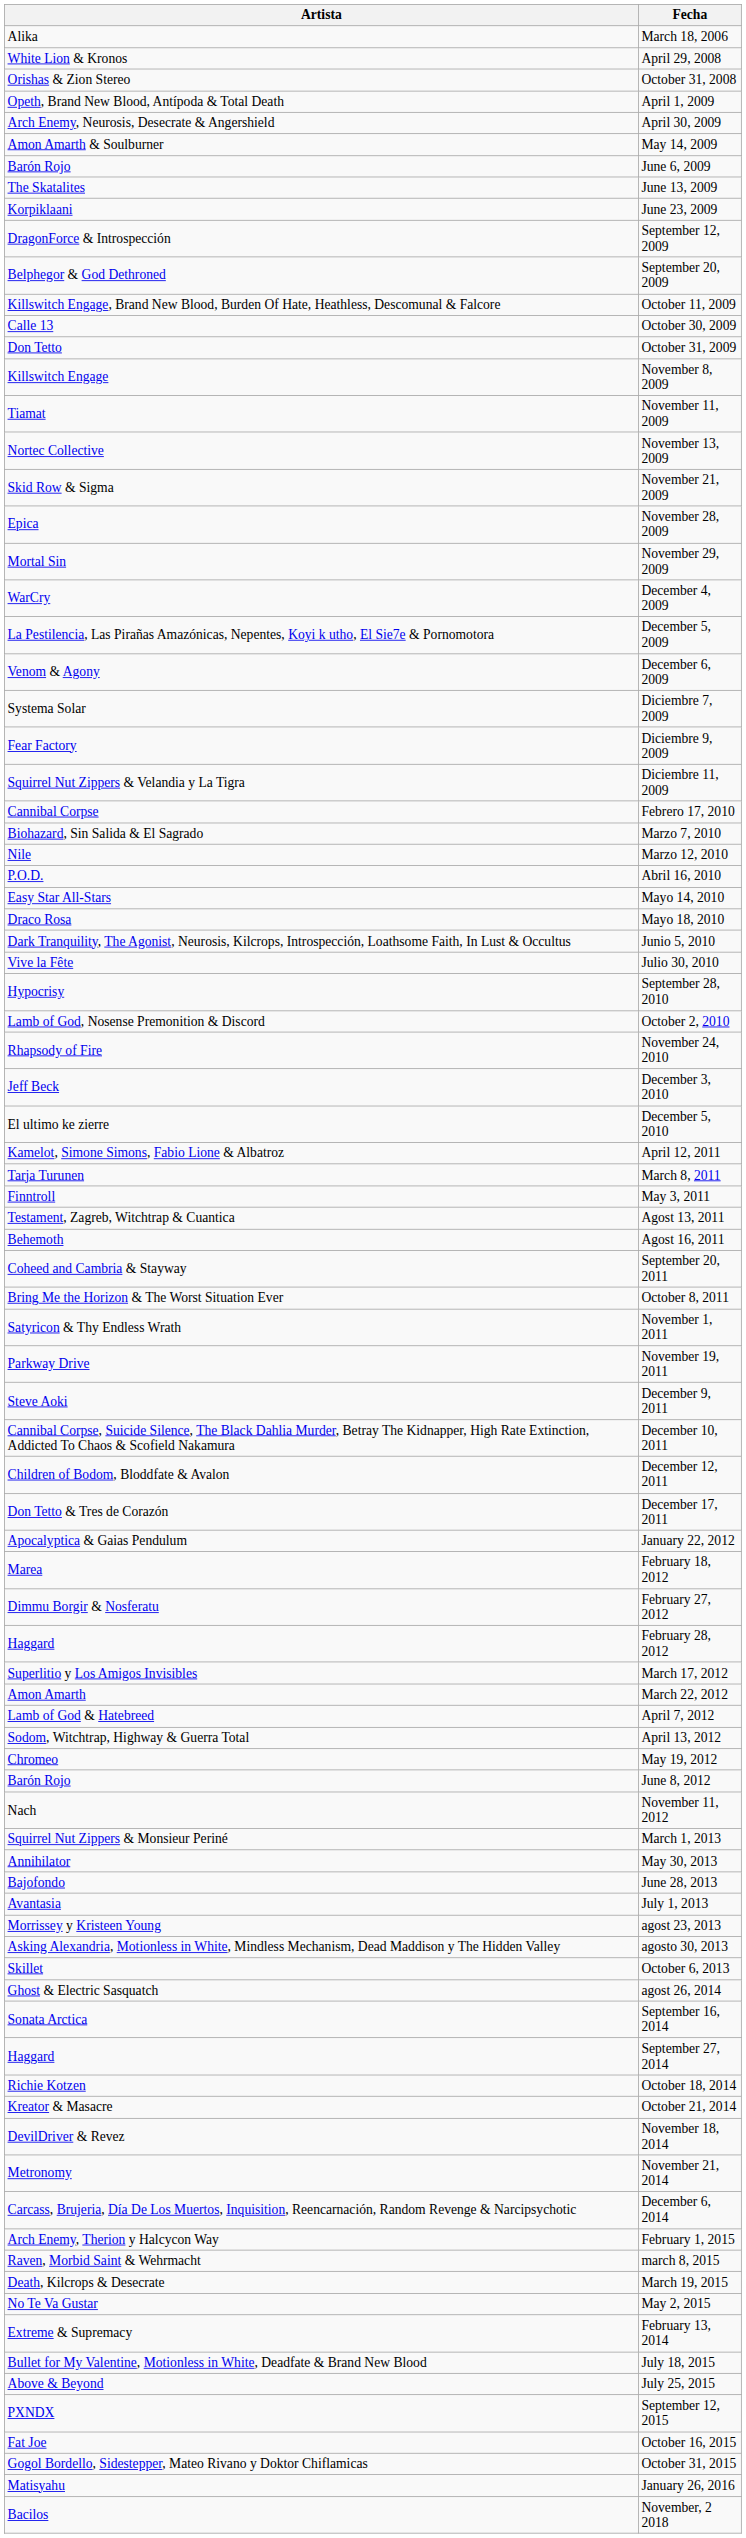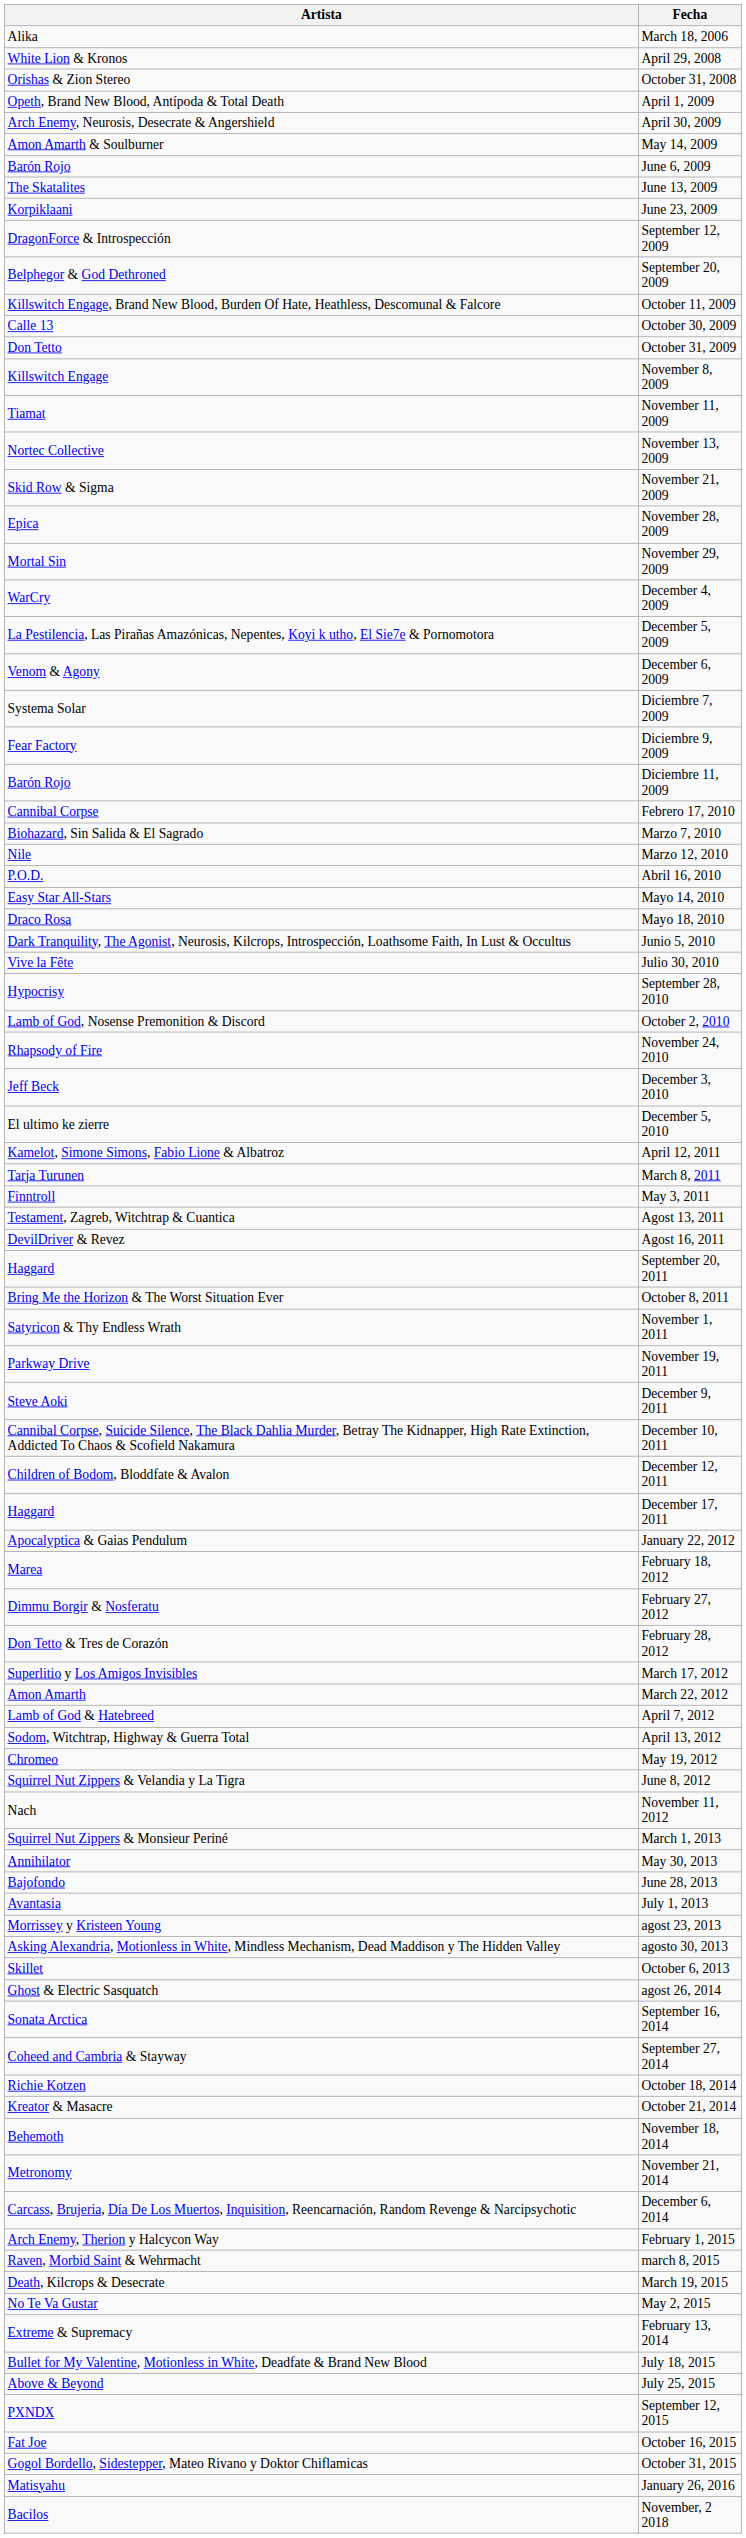 <table class="wikitable">
 <tr>
 <th>Artista</th>
 <th>Fecha</th>
 </tr>
 <tr>
 <td>Alika</td>
 <td>March 18, 2006</td>
 </tr>
 <tr>
 <td><a href='#'>White Lion</a> & Kronos</td>
 <td>April 29, 2008</td>
 </tr>
 <tr>
 <td><a href='#'>Orishas</a> & Zion Stereo</td>
 <td>October 31, 2008</td>
 </tr>
 <tr>
 <td><a href='#'>Opeth</a>, Brand New Blood, Antípoda & Total Death</td>
 <td>April 1, 2009</td>
 </tr>
 <tr>
 <td><a href='#'>Arch Enemy</a>, Neurosis, Desecrate & Angershield</td>
 <td>April 30, 2009</td>
 </tr>
 <tr>
 <td><a href='#'>Amon Amarth</a> & Soulburner</td>
 <td>May 14, 2009</td>
 </tr>
 <tr>
 <td><a href='#'>Barón Rojo</a></td>
 <td>June 6, 2009</td>
 </tr>
 <tr>
 <td><a href='#'>The Skatalites</a></td>
 <td>June 13, 2009</td>
 </tr>
 <tr>
 <td><a href='#'>Korpiklaani</a></td>
 <td>June 23, 2009</td>
 </tr>
 <tr>
 <td><a href='#'>DragonForce</a> & Introspección</td>
 <td>September 12, 2009</td>
 </tr>
 <tr>
 <td><a href='#'>Belphegor</a> & <a href='#'>God Dethroned</a></td>
 <td>September 20, 2009</td>
 </tr>
 <tr>
 <td><a href='#'>Killswitch Engage</a>, Brand New Blood, Burden Of Hate, Heathless, Descomunal & Falcore</td>
 <td>October 11, 2009</td>
 </tr>
 <tr>
 <td><a href='#'>Calle 13</a></td>
 <td>October 30, 2009</td>
 </tr>
 <tr>
 <td><a href='#'>Don Tetto</a></td>
 <td>October 31, 2009</td>
 </tr>
 <tr>
 <td><a href='#'>Killswitch Engage</a></td>
 <td>November 8, 2009</td>
 </tr>
 <tr>
 <td><a href='#'>Tiamat</a></td>
 <td>November 11, 2009</td>
 </tr>
 <tr>
 <td><a href='#'>Nortec Collective</a></td>
 <td>November 13, 2009</td>
 </tr>
 <tr>
 <td><a href='#'>Skid Row</a> & Sigma</td>
 <td>November 21, 2009</td>
 </tr>
 <tr>
 <td><a href='#'>Epica</a></td>
 <td>November 28, 2009</td>
 </tr>
 <tr>
 <td><a href='#'>Mortal Sin</a></td>
 <td>November 29, 2009</td>
 </tr>
 <tr>
 <td><a href='#'>WarCry</a></td>
 <td>December 4, 2009</td>
 </tr>
 <tr>
 <td><a href='#'>La Pestilencia</a>, Las Pirañas Amazónicas, Nepentes, <a href='#'>Koyi k utho</a>, <a href='#'>El Sie7e</a> & Pornomotora</td>
 <td>December 5, 2009</td>
 </tr>
 <tr>
 <td><a href='#'>Venom</a> & <a href='#'>Agony</a></td>
 <td>December 6, 2009</td>
 </tr>
 <tr>
 <td>Systema Solar</td>
 <td>Diciembre 7, 2009</td>
 </tr>
 <tr>
 <td><a href='#'>Fear Factory</a></td>
 <td>Diciembre 9, 2009</td>
 </tr>
 <tr>
-<td><a href='#'>Squirrel Nut Zippers</a> & Velandia y La Tigra</td>
+<td><a href='#'>Barón Rojo</a></td>
 <td>Diciembre 11, 2009</td>
 </tr>
 <tr>
 <td><a href='#'>Cannibal Corpse</a></td>
 <td>Febrero 17, 2010</td>
 </tr>
 <tr>
 <td><a href='#'>Biohazard</a>, Sin Salida & El Sagrado</td>
 <td>Marzo 7, 2010</td>
 </tr>
 <tr>
 <td><a href='#'>Nile</a></td>
 <td>Marzo 12, 2010</td>
 </tr>
 <tr>
 <td><a href='#'>P.O.D.</a></td>
 <td>Abril 16, 2010</td>
 </tr>
 <tr>
 <td><a href='#'>Easy Star All-Stars</a></td>
 <td>Mayo 14, 2010</td>
 </tr>
 <tr>
 <td><a href='#'>Draco Rosa</a></td>
 <td>Mayo 18, 2010</td>
 </tr>
 <tr>
 <td><a href='#'>Dark Tranquility</a>, <a href='#'>The Agonist</a>, Neurosis, Kilcrops, Introspección, Loathsome Faith, In Lust & Occultus</td>
 <td>Junio 5, 2010</td>
 </tr>
 <tr>
 <td><a href='#'>Vive la Fête</a></td>
 <td>Julio 30, 2010</td>
 </tr>
 <tr>
 <td><a href='#'>Hypocrisy</a></td>
 <td>September 28, 2010</td>
 </tr>
 <tr>
 <td><a href='#'>Lamb of God</a>, Nosense Premonition & Discord</td>
 <td>October 2, <a href='#'>2010</a></td>
 </tr>
 <tr>
 <td><a href='#'>Rhapsody of Fire</a></td>
 <td>November 24, 2010</td>
 </tr>
 <tr>
 <td><a href='#'>Jeff Beck</a></td>
 <td>December 3, 2010</td>
 </tr>
 <tr>
 <td>El ultimo ke zierre</td>
 <td>December 5, 2010</td>
 </tr>
 <tr>
 <td><a href='#'>Kamelot</a>, <a href='#'>Simone Simons</a>, <a href='#'>Fabio Lione</a> & Albatroz</td>
 <td>April 12, 2011</td>
 </tr>
 <tr>
 <td><a href='#'>Tarja Turunen</a></td>
 <td>March 8, <a href='#'>2011</a></td>
 </tr>
 <tr>
 <td><a href='#'>Finntroll</a></td>
 <td>May 3, 2011</td>
 </tr>
 <tr>
 <td><a href='#'>Testament</a>, Zagreb, Witchtrap & Cuantica</td>
 <td>Agost 13, 2011</td>
 </tr>
 <tr>
-<td><a href='#'>Behemoth</a></td>
+<td><a href='#'>DevilDriver</a> & Revez</td>
 <td>Agost 16, 2011</td>
 </tr>
 <tr>
-<td><a href='#'>Coheed and Cambria</a> & Stayway</td>
+<td><a href='#'>Haggard</a></td>
 <td>September 20, 2011</td>
 </tr>
 <tr>
 <td><a href='#'>Bring Me the Horizon</a> & The Worst Situation Ever</td>
 <td>October 8, 2011</td>
 </tr>
 <tr>
 <td><a href='#'>Satyricon</a> & Thy Endless Wrath</td>
 <td>November 1, 2011</td>
 </tr>
 <tr>
 <td><a href='#'>Parkway Drive</a></td>
 <td>November 19, 2011</td>
 </tr>
 <tr>
 <td><a href='#'>Steve Aoki</a></td>
 <td>December 9, 2011</td>
 </tr>
 <tr>
 <td><a href='#'>Cannibal Corpse</a>, <a href='#'>Suicide Silence</a>, <a href='#'>The Black Dahlia Murder</a>, Betray The Kidnapper, High Rate Extinction, Addicted To Chaos & Scofield Nakamura</td>
 <td>December 10, 2011</td>
 </tr>
 <tr>
 <td><a href='#'>Children of Bodom</a>, Bloddfate & Avalon</td>
 <td>December 12, 2011</td>
 </tr>
 <tr>
-<td><a href='#'>Don Tetto</a> & Tres de Corazón</td>
+<td><a href='#'>Haggard</a></td>
 <td>December 17, 2011</td>
 </tr>
 <tr>
 <td><a href='#'>Apocalyptica</a> & Gaias Pendulum</td>
 <td>January 22, 2012</td>
 </tr>
 <tr>
 <td><a href='#'>Marea</a></td>
 <td>February 18, 2012</td>
 </tr>
 <tr>
 <td><a href='#'>Dimmu Borgir</a> & <a href='#'>Nosferatu</a></td>
 <td>February 27, 2012</td>
 </tr>
 <tr>
-<td><a href='#'>Haggard</a></td>
+<td><a href='#'>Don Tetto</a> & Tres de Corazón</td>
 <td>February 28, 2012</td>
 </tr>
 <tr>
 <td><a href='#'>Superlitio</a> y <a href='#'>Los Amigos Invisibles</a></td>
 <td>March 17, 2012</td>
 </tr>
 <tr>
 <td><a href='#'>Amon Amarth</a></td>
 <td>March 22, 2012</td>
 </tr>
 <tr>
 <td><a href='#'>Lamb of God</a> & <a href='#'>Hatebreed</a></td>
 <td>April 7, 2012</td>
 </tr>
 <tr>
 <td><a href='#'>Sodom</a>, Witchtrap, Highway & Guerra Total</td>
 <td>April 13, 2012</td>
 </tr>
 <tr>
 <td><a href='#'>Chromeo</a></td>
 <td>May 19, 2012</td>
 </tr>
 <tr>
-<td><a href='#'>Barón Rojo</a></td>
+<td><a href='#'>Squirrel Nut Zippers</a> & Velandia y La Tigra</td>
 <td>June 8, 2012</td>
 </tr>
 <tr>
 <td>Nach</td>
 <td>November 11, 2012</td>
 </tr>
 <tr>
 <td><a href='#'>Squirrel Nut Zippers</a> & Monsieur Periné</td>
 <td>March 1, 2013</td>
 </tr>
 <tr>
 <td><a href='#'>Annihilator</a></td>
 <td>May 30, 2013</td>
 </tr>
 <tr>
 <td><a href='#'>Bajofondo</a></td>
 <td>June 28, 2013</td>
 </tr>
 <tr>
 <td><a href='#'>Avantasia</a></td>
 <td>July 1, 2013</td>
 </tr>
 <tr>
 <td><a href='#'>Morrissey</a> y <a href='#'>Kristeen Young</a></td>
 <td>agost 23, 2013</td>
 </tr>
 <tr>
 <td><a href='#'>Asking Alexandria</a>, <a href='#'>Motionless in White</a>, Mindless Mechanism, Dead Maddison y The Hidden Valley</td>
 <td>agosto 30, 2013</td>
 </tr>
 <tr>
 <td><a href='#'>Skillet</a></td>
 <td>October 6, 2013</td>
 </tr>
 <tr>
 <td><a href='#'>Ghost</a> & Electric Sasquatch</td>
 <td>agost 26, 2014</td>
 </tr>
 <tr>
 <td><a href='#'>Sonata Arctica</a></td>
 <td>September 16, 2014</td>
 </tr>
 <tr>
-<td><a href='#'>Haggard</a></td>
+<td><a href='#'>Coheed and Cambria</a> & Stayway</td>
 <td>September 27, 2014</td>
 </tr>
 <tr>
 <td><a href='#'>Richie Kotzen</a></td>
 <td>October 18, 2014</td>
 </tr>
 <tr>
 <td><a href='#'>Kreator</a> & Masacre</td>
 <td>October 21, 2014</td>
 </tr>
 <tr>
-<td><a href='#'>DevilDriver</a> & Revez</td>
+<td><a href='#'>Behemoth</a></td>
 <td>November 18, 2014</td>
 </tr>
 <tr>
 <td><a href='#'>Metronomy</a></td>
 <td>November 21, 2014</td>
 </tr>
 <tr>
 <td><a href='#'>Carcass</a>, <a href='#'>Brujeria</a>, <a href='#'>Día De Los Muertos</a>, <a href='#'>Inquisition</a>, Reencarnación, Random Revenge & Narcipsychotic</td>
 <td>December 6, 2014</td>
 </tr>
 <tr>
 <td><a href='#'>Arch Enemy</a>, <a href='#'>Therion</a> y Halcycon Way</td>
 <td>February 1, 2015</td>
 </tr>
 <tr>
 <td><a href='#'>Raven</a>, <a href='#'>Morbid Saint</a> &  Wehrmacht</td>
 <td>march 8, 2015</td>
 </tr>
 <tr>
 <td><a href='#'>Death</a>, Kilcrops & Desecrate</td>
 <td>March 19, 2015</td>
 </tr>
 <tr>
 <td><a href='#'>No Te Va Gustar</a></td>
 <td>May 2, 2015</td>
 </tr>
 <tr>
 <td><a href='#'>Extreme</a> & Supremacy</td>
 <td>February 13, 2014</td>
 </tr>
 <tr>
 <td><a href='#'>Bullet for My Valentine</a>, <a href='#'>Motionless in White</a>, Deadfate & Brand New Blood</td>
 <td>July 18, 2015</td>
 </tr>
 <tr>
 <td><a href='#'>Above & Beyond</a></td>
 <td>July 25, 2015</td>
 </tr>
 <tr>
 <td><a href='#'>PXNDX</a></td>
 <td>September 12, 2015</td>
 </tr>
 <tr>
 <td><a href='#'>Fat Joe</a></td>
 <td>October 16, 2015</td>
 </tr>
 <tr>
 <td><a href='#'>Gogol Bordello</a>, <a href='#'>Sidestepper</a>, Mateo Rivano y Doktor Chiflamicas</td>
 <td>October 31, 2015</td>
 </tr>
 <tr>
 <td><a href='#'>Matisyahu</a></td>
 <td>January 26, 2016</td>
 </tr>
 <tr>
 <td><a href='#'>Bacilos</a></td>
 <td>November, 2 2018</td>
 </tr>
 </table>
